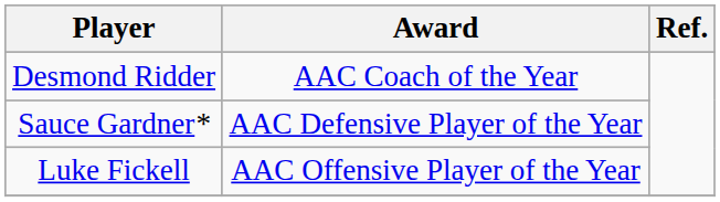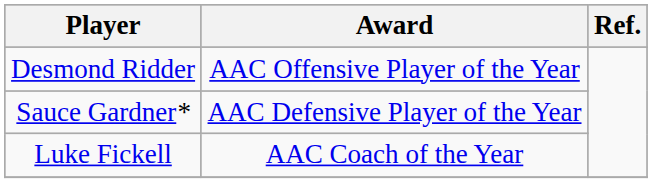 <table class="wikitable sortable sortable" style="text-align: center">
 <tr align=center>
 <th>Player</th>
 <th>Award</th>
 <th>Ref.</th>
 </tr>
 <tr>
 <td><a href='#'>Desmond Ridder</a></td>
-<td><a href='#'>AAC Coach of the Year</a></td>
+<td><a href='#'>AAC Offensive Player of the Year</a></td>
 <td rowspan="3"></td>
 </tr>
 <tr>
 <td><a href='#'>Sauce Gardner</a><em>*</em></td>
 <td><a href='#'>AAC Defensive Player of the Year</a></td>
 </tr>
 <tr>
 <td><a href='#'>Luke Fickell</a></td>
-<td><a href='#'>AAC Offensive Player of the Year</a></td>
+<td><a href='#'>AAC Coach of the Year</a></td>
 </tr>
 <tr>
 </tr>
 </table>
